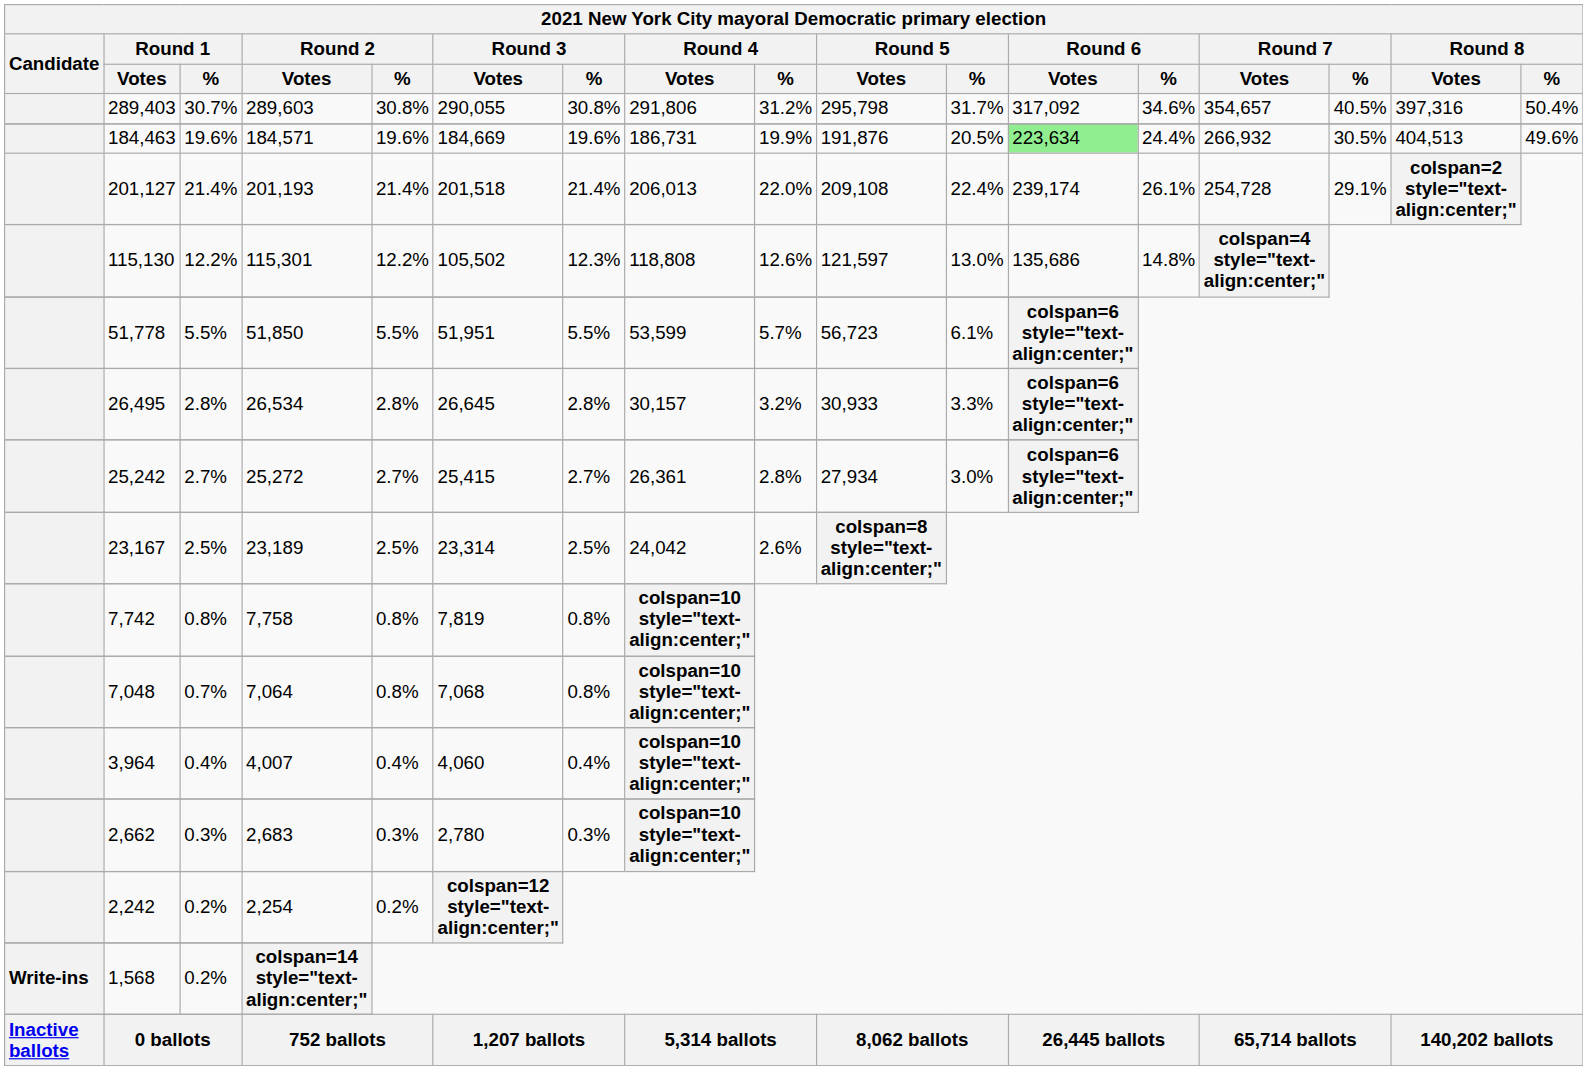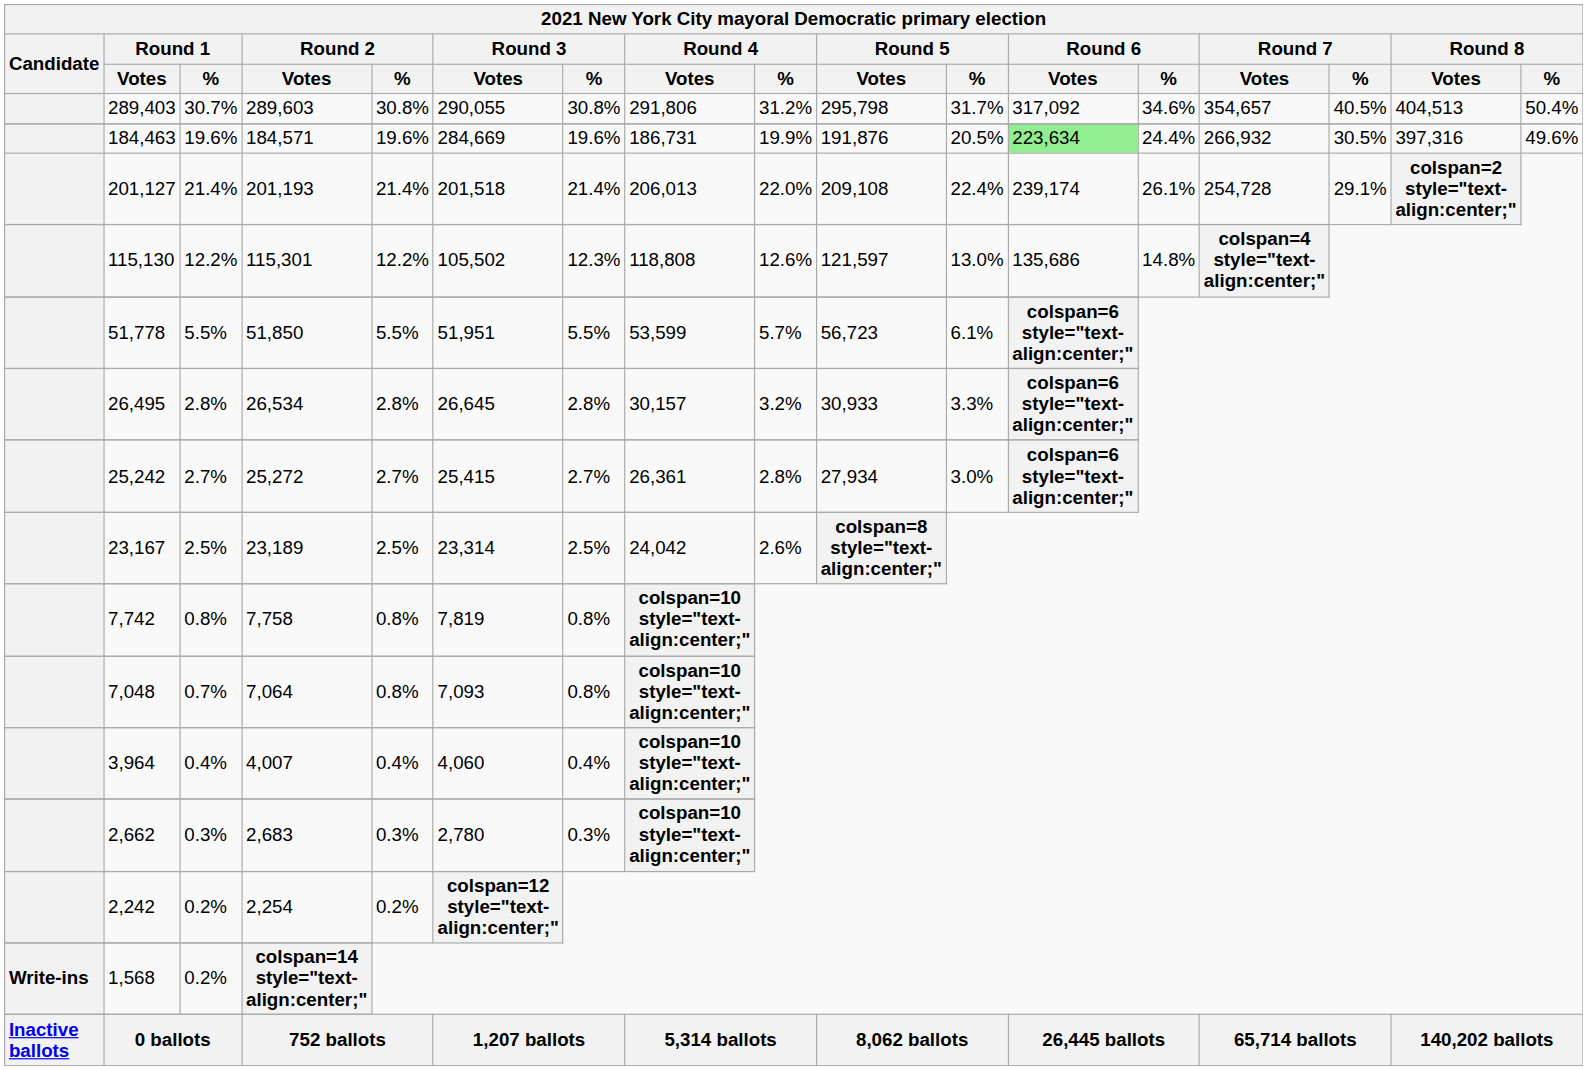 <table class="wikitable sortable">
 <tr>
 <th colspan=" 19 ">2021 New York City mayoral Democratic primary election</th>
 </tr>
 <tr style="background:#eee; text-align:center;">
 <th rowspan=2 style="text-align:center;">Candidate</th>
 <th colspan=2 style="text-align:center;">Round 1</th>
 <th colspan=2 style="text-align:center;">Round 2</th>
 <th colspan=2 style="text-align:center;">Round 3</th>
 <th colspan=2 style="text-align:center;">Round 4</th>
 <th colspan=2 style="text-align:center;">Round 5</th>
 <th colspan=2 style="text-align:center;">Round 6</th>
 <th colspan=2 style="text-align:center;">Round 7</th>
 <th colspan=2 style="text-align:center;">Round 8</th>
 </tr>
 <tr>
 <th>Votes</th>
 <th>%</th>
 <th>Votes</th>
 <th>%</th>
 <th>Votes</th>
 <th>%</th>
 <th>Votes</th>
 <th>%</th>
 <th>Votes</th>
 <th>%</th>
 <th>Votes</th>
 <th>%</th>
 <th>Votes</th>
 <th>%</th>
 <th>Votes</th>
 <th>%</th>
 </tr>
 <tr>
 <th scope="row" style="text-align:left;"></th>
 <td>289,403</td>
 <td>30.7%</td>
 <td>289,603</td>
 <td>30.8%</td>
 <td>290,055</td>
 <td>30.8%</td>
 <td>291,806</td>
 <td>31.2%</td>
 <td>295,798</td>
 <td>31.7%</td>
 <td>317,092</td>
 <td>34.6%</td>
 <td>354,657</td>
 <td>40.5%</td>
-<td>397,316</td>
+<td> 404,513</td>
 <td> 50.4%</td>
 </tr>
 <tr>
 </tr>
 <tr>
 </tr>
 <tr>
 <th scope="row" style="text-align:left;"></th>
 <td>184,463</td>
 <td>19.6%</td>
 <td>184,571</td>
 <td>19.6%</td>
-<td>184,669</td>
+<td>284,669</td>
 <td>19.6%</td>
 <td>186,731</td>
 <td>19.9%</td>
 <td>191,876</td>
 <td>20.5%</td>
 <td style="background: lightgreen;">223,634</td>
 <td>24.4%</td>
 <td>266,932</td>
 <td>30.5%</td>
-<td> 404,513</td>
+<td>397,316</td>
 <td>49.6%</td>
 </tr>
 <tr>
 <th scope="row" style="text-align:left;"></th>
 <td>201,127</td>
 <td>21.4%</td>
 <td>201,193</td>
 <td>21.4%</td>
 <td>201,518</td>
 <td>21.4%</td>
 <td>206,013</td>
 <td>22.0%</td>
 <td>209,108</td>
 <td>22.4%</td>
 <td>239,174</td>
 <td>26.1%</td>
 <td>254,728</td>
 <td>29.1%</td>
 <th>colspan=2 style="text-align:center;" </th>
 </tr>
 <tr>
 </tr>
 <tr>
 <th scope="row" style="text-align:left;"></th>
 <td>115,130</td>
 <td>12.2%</td>
 <td>115,301</td>
 <td>12.2%</td>
 <td>105,502</td>
 <td>12.3%</td>
 <td>118,808</td>
 <td>12.6%</td>
 <td>121,597</td>
 <td>13.0%</td>
 <td>135,686</td>
 <td>14.8%</td>
 <th>colspan=4 style="text-align:center;" </th>
 </tr>
 <tr>
 </tr>
 <tr>
 <th scope="row" style="text-align:left;"></th>
 <td>51,778</td>
 <td>5.5%</td>
 <td>51,850</td>
 <td>5.5%</td>
 <td>51,951</td>
 <td>5.5%</td>
 <td>53,599</td>
 <td>5.7%</td>
 <td>56,723</td>
 <td>6.1%</td>
 <th>colspan=6 style="text-align:center;" </th>
 </tr>
 <tr>
 </tr>
 <tr>
 <th scope="row" style="text-align:left;"></th>
 <td>26,495</td>
 <td>2.8%</td>
 <td>26,534</td>
 <td>2.8%</td>
 <td>26,645</td>
 <td>2.8%</td>
 <td>30,157</td>
 <td>3.2%</td>
 <td>30,933</td>
 <td>3.3%</td>
 <th>colspan=6 style="text-align:center;" </th>
 </tr>
 <tr>
 </tr>
 <tr>
 <th scope="row" style="text-align:left;"></th>
 <td>25,242</td>
 <td>2.7%</td>
 <td>25,272</td>
 <td>2.7%</td>
 <td>25,415</td>
 <td>2.7%</td>
 <td>26,361</td>
 <td>2.8%</td>
 <td>27,934</td>
 <td>3.0%</td>
 <th>colspan=6 style="text-align:center;" </th>
 </tr>
 <tr>
 </tr>
 <tr>
 <th scope="row" style="text-align:left;"></th>
 <td>23,167</td>
 <td>2.5%</td>
 <td>23,189</td>
 <td>2.5%</td>
 <td>23,314</td>
 <td>2.5%</td>
 <td>24,042</td>
 <td>2.6%</td>
 <th>colspan=8 style="text-align:center;" </th>
 </tr>
 <tr>
 </tr>
 <tr>
 <th scope="row" style="text-align:left;"></th>
 <td>7,742</td>
 <td>0.8%</td>
 <td>7,758</td>
 <td>0.8%</td>
 <td>7,819</td>
 <td>0.8%</td>
 <th>colspan=10 style="text-align:center;" </th>
 </tr>
 <tr>
 </tr>
 <tr>
 <th scope="row" style="text-align:left;"></th>
 <td>7,048</td>
 <td>0.7%</td>
 <td>7,064</td>
 <td>0.8%</td>
-<td>7,068</td>
+<td>7,093</td>
 <td>0.8%</td>
 <th>colspan=10 style="text-align:center;" </th>
 </tr>
 <tr>
 </tr>
 <tr>
 <th scope="row" style="text-align:left;"></th>
 <td>3,964</td>
 <td>0.4%</td>
 <td>4,007</td>
 <td>0.4%</td>
 <td>4,060</td>
 <td>0.4%</td>
 <th>colspan=10 style="text-align:center;" </th>
 </tr>
 <tr>
 </tr>
 <tr>
 <th scope="row" style="text-align:left;"></th>
 <td>2,662</td>
 <td>0.3%</td>
 <td>2,683</td>
 <td>0.3%</td>
 <td>2,780</td>
 <td>0.3%</td>
 <th>colspan=10 style="text-align:center;" </th>
 </tr>
 <tr>
 </tr>
 <tr>
 <th scope="row" style="text-align:left;"></th>
 <td>2,242</td>
 <td>0.2%</td>
 <td>2,254</td>
 <td>0.2%</td>
 <th>colspan=12 style="text-align:center;" </th>
 </tr>
 <tr>
 </tr>
 <tr>
 <th scope="row" style="text-align:left;">Write-ins</th>
 <td>1,568</td>
 <td>0.2%</td>
 <th>colspan=14 style="text-align:center;" </th>
 </tr>
 <tr>
 </tr>
 <tr>
 <th scope="row" style="text-align:left;"><a href='#'>Inactive ballots</a></th>
 <th colspan="2">0 ballots</th>
 <th colspan="2">752 ballots</th>
 <th colspan="2">1,207 ballots</th>
 <th colspan="2">5,314 ballots</th>
 <th colspan="2">8,062 ballots</th>
 <th colspan="2">26,445 ballots</th>
 <th colspan="2">65,714 ballots</th>
 <th colspan="2">140,202 ballots</th>
 </tr>
 <tr>
 </tr>
 </table>
